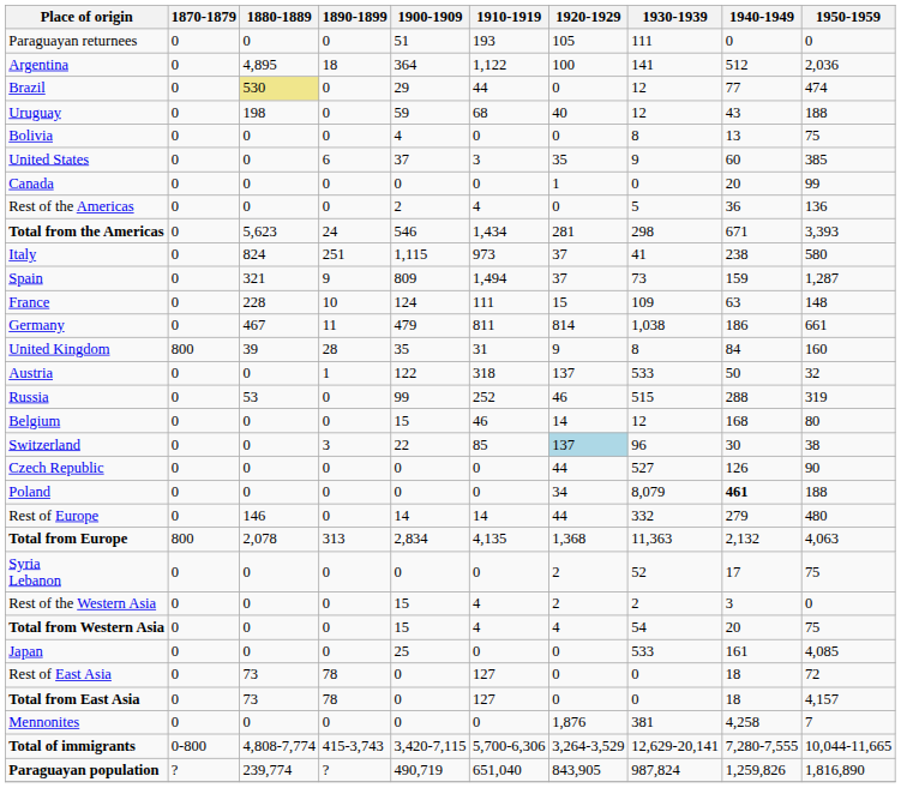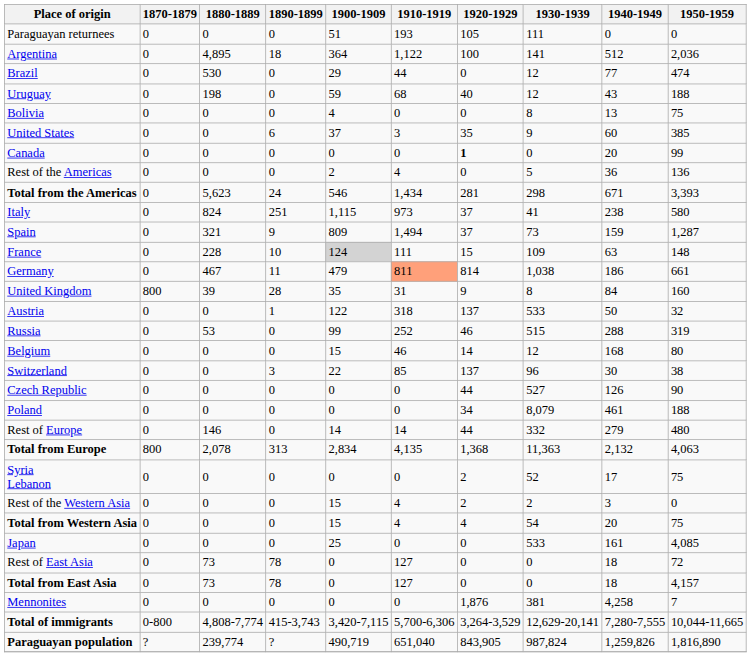 <table class="wikitable" border="1">
 <tr>
 <th>Place of origin</th>
 <th>1870-1879</th>
 <th>1880-1889</th>
 <th>1890-1899</th>
 <th>1900-1909</th>
 <th>1910-1919</th>
 <th>1920-1929</th>
 <th>1930-1939</th>
 <th>1940-1949</th>
 <th>1950-1959</th>
 </tr>
 <tr>
 <td>Paraguayan returnees</td>
 <td>0</td>
 <td>0</td>
 <td>0</td>
 <td>51</td>
 <td>193</td>
 <td>105</td>
 <td>111</td>
 <td>0</td>
 <td>0</td>
 </tr>
 <tr>
 <td><a href='#'>Argentina</a></td>
 <td>0</td>
 <td>4,895</td>
 <td>18</td>
 <td>364</td>
 <td>1,122</td>
 <td>100</td>
 <td>141</td>
 <td>512</td>
 <td>2,036</td>
 </tr>
 <tr>
 <td><a href='#'>Brazil</a></td>
 <td>0</td>
-<td style="background: khaki;">530</td>
+<td>530</td>
 <td>0</td>
 <td>29</td>
 <td>44</td>
 <td>0</td>
 <td>12</td>
 <td>77</td>
 <td>474</td>
 </tr>
 <tr>
 <td><a href='#'>Uruguay</a></td>
 <td>0</td>
 <td>198</td>
 <td>0</td>
 <td>59</td>
 <td>68</td>
 <td>40</td>
 <td>12</td>
 <td>43</td>
 <td>188</td>
 </tr>
 <tr>
 <td><a href='#'>Bolivia</a></td>
 <td>0</td>
 <td>0</td>
 <td>0</td>
 <td>4</td>
 <td>0</td>
 <td>0</td>
 <td>8</td>
 <td>13</td>
 <td>75</td>
 </tr>
 <tr>
 <td><a href='#'>United States</a></td>
 <td>0</td>
 <td>0</td>
 <td>6</td>
 <td>37</td>
 <td>3</td>
 <td>35</td>
 <td>9</td>
 <td>60</td>
 <td>385</td>
 </tr>
 <tr>
 <td><a href='#'>Canada</a></td>
 <td>0</td>
 <td>0</td>
 <td>0</td>
 <td>0</td>
 <td>0</td>
-<td>1</td>
+<td><strong>1</strong></td>
 <td>0</td>
 <td>20</td>
 <td>99</td>
 </tr>
 <tr>
 <td>Rest of the <a href='#'>Americas</a></td>
 <td>0</td>
 <td>0</td>
 <td>0</td>
 <td>2</td>
 <td>4</td>
 <td>0</td>
 <td>5</td>
 <td>36</td>
 <td>136</td>
 </tr>
 <tr>
 <td><strong>Total from the Americas</strong></td>
 <td>0</td>
 <td>5,623</td>
 <td>24</td>
 <td>546</td>
 <td>1,434</td>
 <td>281</td>
 <td>298</td>
 <td>671</td>
 <td>3,393</td>
 </tr>
 <tr>
 <td><a href='#'>Italy</a></td>
 <td>0</td>
 <td>824</td>
 <td>251</td>
 <td>1,115</td>
 <td>973</td>
 <td>37</td>
 <td>41</td>
 <td>238</td>
 <td>580</td>
 </tr>
 <tr>
 <td><a href='#'>Spain</a></td>
 <td>0</td>
 <td>321</td>
 <td>9</td>
 <td>809</td>
 <td>1,494</td>
 <td>37</td>
 <td>73</td>
 <td>159</td>
 <td>1,287</td>
 </tr>
 <tr>
 <td><a href='#'>France</a></td>
 <td>0</td>
 <td>228</td>
 <td>10</td>
-<td>124</td>
+<td style="background: lightgrey;">124</td>
 <td>111</td>
 <td>15</td>
 <td>109</td>
 <td>63</td>
 <td>148</td>
 </tr>
 <tr>
 <td><a href='#'>Germany</a></td>
 <td>0</td>
 <td>467</td>
 <td>11</td>
 <td>479</td>
-<td>811</td>
+<td style="background: lightsalmon;">811</td>
 <td>814</td>
 <td>1,038</td>
 <td>186</td>
 <td>661</td>
 </tr>
 <tr>
 <td><a href='#'>United Kingdom</a></td>
 <td>800</td>
 <td>39</td>
 <td>28</td>
 <td>35</td>
 <td>31</td>
 <td>9</td>
 <td>8</td>
 <td>84</td>
 <td>160</td>
 </tr>
 <tr>
 <td><a href='#'>Austria</a></td>
 <td>0</td>
 <td>0</td>
 <td>1</td>
 <td>122</td>
 <td>318</td>
 <td>137</td>
 <td>533</td>
 <td>50</td>
 <td>32</td>
 </tr>
 <tr>
 <td><a href='#'>Russia</a></td>
 <td>0</td>
 <td>53</td>
 <td>0</td>
 <td>99</td>
 <td>252</td>
 <td>46</td>
 <td>515</td>
 <td>288</td>
 <td>319</td>
 </tr>
 <tr>
 <td><a href='#'>Belgium</a></td>
 <td>0</td>
 <td>0</td>
 <td>0</td>
 <td>15</td>
 <td>46</td>
 <td>14</td>
 <td>12</td>
 <td>168</td>
 <td>80</td>
 </tr>
 <tr>
 <td><a href='#'>Switzerland</a></td>
 <td>0</td>
 <td>0</td>
 <td>3</td>
 <td>22</td>
 <td>85</td>
-<td style="background: lightblue;">137</td>
+<td>137</td>
 <td>96</td>
 <td>30</td>
 <td>38</td>
 </tr>
 <tr>
 <td><a href='#'>Czech Republic</a></td>
 <td>0</td>
 <td>0</td>
 <td>0</td>
 <td>0</td>
 <td>0</td>
 <td>44</td>
 <td>527</td>
 <td>126</td>
 <td>90</td>
 </tr>
 <tr>
 <td><a href='#'>Poland</a></td>
 <td>0</td>
 <td>0</td>
 <td>0</td>
 <td>0</td>
 <td>0</td>
 <td>34</td>
 <td>8,079</td>
-<td><strong>461</strong></td>
+<td>461</td>
 <td>188</td>
 </tr>
 <tr>
 <td>Rest of <a href='#'>Europe</a></td>
 <td>0</td>
 <td>146</td>
 <td>0</td>
 <td>14</td>
 <td>14</td>
 <td>44</td>
 <td>332</td>
 <td>279</td>
 <td>480</td>
 </tr>
 <tr>
 <td><strong>Total from Europe</strong></td>
 <td>800</td>
 <td>2,078</td>
 <td>313</td>
 <td>2,834</td>
 <td>4,135</td>
 <td>1,368</td>
 <td>11,363</td>
 <td>2,132</td>
 <td>4,063</td>
 </tr>
 <tr>
 <td><a href='#'>Syria</a><br><a href='#'>Lebanon</a></td>
 <td>0</td>
 <td>0</td>
 <td>0</td>
 <td>0</td>
 <td>0</td>
 <td>2</td>
 <td>52</td>
 <td>17</td>
 <td>75</td>
 </tr>
 <tr>
 <td>Rest of the <a href='#'>Western Asia</a></td>
 <td>0</td>
 <td>0</td>
 <td>0</td>
 <td>15</td>
 <td>4</td>
 <td>2</td>
 <td>2</td>
 <td>3</td>
 <td>0</td>
 </tr>
 <tr>
 <td><strong>Total from Western Asia</strong></td>
 <td>0</td>
 <td>0</td>
 <td>0</td>
 <td>15</td>
 <td>4</td>
 <td>4</td>
 <td>54</td>
 <td>20</td>
 <td>75</td>
 </tr>
 <tr>
 <td><a href='#'>Japan</a></td>
 <td>0</td>
 <td>0</td>
 <td>0</td>
 <td>25</td>
 <td>0</td>
 <td>0</td>
 <td>533</td>
 <td>161</td>
 <td>4,085</td>
 </tr>
 <tr>
 <td>Rest of <a href='#'>East Asia</a></td>
 <td>0</td>
 <td>73</td>
 <td>78</td>
 <td>0</td>
 <td>127</td>
 <td>0</td>
 <td>0</td>
 <td>18</td>
 <td>72</td>
 </tr>
 <tr>
 <td><strong>Total from East Asia</strong></td>
 <td>0</td>
 <td>73</td>
 <td>78</td>
 <td>0</td>
 <td>127</td>
 <td>0</td>
 <td>0</td>
 <td>18</td>
 <td>4,157</td>
 </tr>
 <tr>
 <td><a href='#'>Mennonites</a></td>
 <td>0</td>
 <td>0</td>
 <td>0</td>
 <td>0</td>
 <td>0</td>
 <td>1,876</td>
 <td>381</td>
 <td>4,258</td>
 <td>7</td>
 </tr>
 <tr>
 <td><strong>Total of immigrants</strong></td>
 <td>0-800</td>
 <td>4,808-7,774</td>
 <td>415-3,743</td>
 <td>3,420-7,115</td>
 <td>5,700-6,306</td>
 <td>3,264-3,529</td>
 <td>12,629-20,141</td>
 <td>7,280-7,555</td>
 <td>10,044-11,665</td>
 </tr>
 <tr>
 <td><strong>Paraguayan population</strong></td>
 <td>?</td>
 <td>239,774</td>
 <td>?</td>
 <td>490,719</td>
 <td>651,040</td>
 <td>843,905</td>
 <td>987,824</td>
 <td>1,259,826</td>
 <td>1,816,890</td>
 </tr>
 <tr>
 </tr>
 </table>
